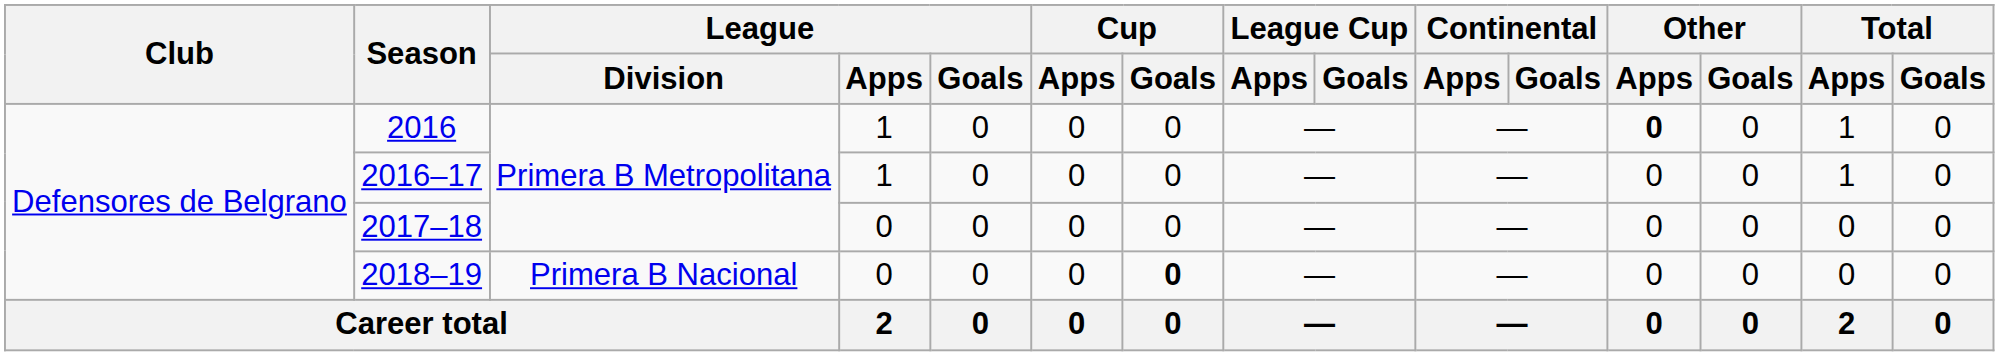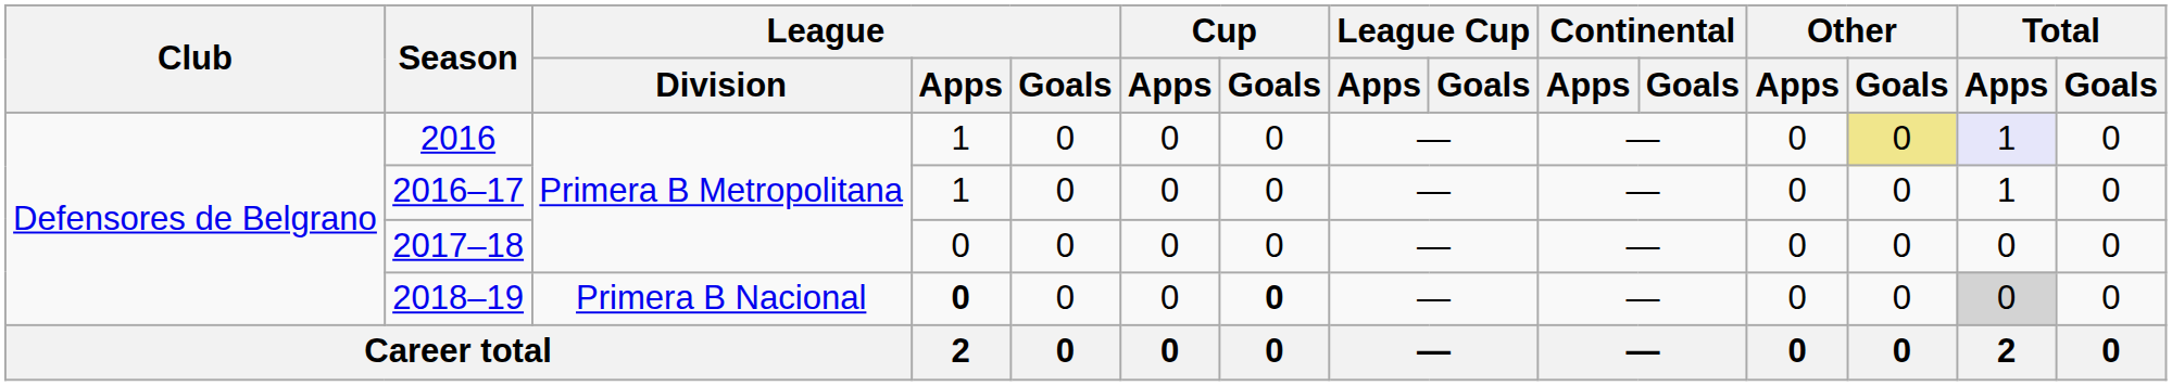 <table class="wikitable" style="text-align:center">
 <tr>
 <th rowspan="2">Club</th>
 <th rowspan="2">Season</th>
 <th colspan="3">League</th>
 <th colspan="2">Cup</th>
 <th colspan="2">League Cup</th>
 <th colspan="2">Continental</th>
 <th colspan="2">Other</th>
 <th colspan="2">Total</th>
 </tr>
 <tr>
 <th>Division</th>
 <th>Apps</th>
 <th>Goals</th>
 <th>Apps</th>
 <th>Goals</th>
 <th>Apps</th>
 <th>Goals</th>
 <th>Apps</th>
 <th>Goals</th>
 <th>Apps</th>
 <th>Goals</th>
 <th>Apps</th>
 <th>Goals</th>
 </tr>
 <tr>
 <td rowspan="4"><a href='#'>Defensores de Belgrano</a></td>
 <td><a href='#'>2016</a></td>
 <td rowspan="3"><a href='#'>Primera B Metropolitana</a></td>
 <td>1</td>
 <td>0</td>
 <td>0</td>
 <td>0</td>
 <td colspan="2">—</td>
 <td colspan="2">—</td>
-<td><strong>0</strong></td>
 <td>0</td>
-<td>1</td>
+<td style="background: khaki;">0</td>
+<td style="background: lavender;">1</td>
 <td>0</td>
 </tr>
 <tr>
 <td><a href='#'>2016–17</a></td>
 <td>1</td>
 <td>0</td>
 <td>0</td>
 <td>0</td>
 <td colspan="2">—</td>
 <td colspan="2">—</td>
 <td>0</td>
 <td>0</td>
 <td>1</td>
 <td>0</td>
 </tr>
 <tr>
 <td><a href='#'>2017–18</a></td>
 <td>0</td>
 <td>0</td>
 <td>0</td>
 <td>0</td>
 <td colspan="2">—</td>
 <td colspan="2">—</td>
 <td>0</td>
 <td>0</td>
 <td>0</td>
 <td>0</td>
 </tr>
 <tr>
 <td><a href='#'>2018–19</a></td>
 <td rowspan="1"><a href='#'>Primera B Nacional</a></td>
-<td>0</td>
+<td><strong>0</strong></td>
 <td>0</td>
 <td>0</td>
 <td><strong>0</strong></td>
 <td colspan="2">—</td>
 <td colspan="2">—</td>
 <td>0</td>
 <td>0</td>
-<td>0</td>
+<td style="background: lightgrey;">0</td>
 <td>0</td>
 </tr>
 <tr>
 <th colspan="3">Career total</th>
 <th>2</th>
 <th>0</th>
 <th>0</th>
 <th>0</th>
 <th colspan="2">—</th>
 <th colspan="2">—</th>
 <th>0</th>
 <th>0</th>
 <th>2</th>
 <th>0</th>
 </tr>
 </table>
